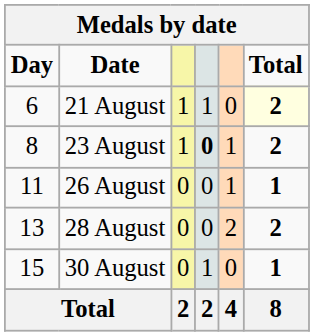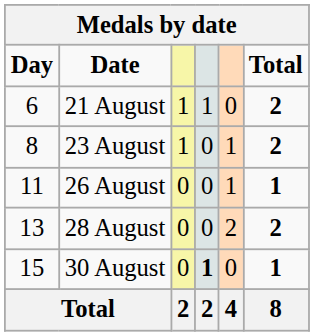 <table class="wikitable" style="font-size:85%; text-align:center;">
 <tr style="background:#efefef;">
 <th colspan=6><strong>Medals by date</strong></th>
 </tr>
 <tr>
 <td><strong>Day</strong></td>
 <td><strong>Date</strong></td>
 <td style="background:#F7F6A8;"></td>
 <td style="background:#DCE5E5;"></td>
 <td style="background:#FFDAB9;"></td>
 <td><strong>Total</strong></td>
 </tr>
 <tr>
 <td>6</td>
 <td>21 August</td>
 <td style="background:#F7F6A8;">1</td>
 <td style="background:#DCE5E5;">1</td>
 <td style="background:#FFDAB9;">0</td>
-<td style="background: lightyellow;"><strong>2</strong></td>
+<td><strong>2</strong></td>
 </tr>
 <tr>
 <td>8</td>
 <td>23 August</td>
 <td style="background:#F7F6A8;">1</td>
-<td style="background:#DCE5E5;"><strong>0</strong></td>
+<td style="background:#DCE5E5;">0</td>
 <td style="background:#FFDAB9;">1</td>
 <td><strong>2</strong></td>
 </tr>
 <tr>
 <td>11</td>
 <td>26 August</td>
 <td style="background:#F7F6A8;">0</td>
 <td style="background:#DCE5E5;">0</td>
 <td style="background:#FFDAB9;">1</td>
 <td><strong>1</strong></td>
 </tr>
 <tr>
 <td>13</td>
 <td>28 August</td>
 <td style="background:#F7F6A8;">0</td>
 <td style="background:#DCE5E5;">0</td>
 <td style="background:#FFDAB9;">2</td>
 <td><strong>2</strong></td>
 </tr>
 <tr>
 <td>15</td>
 <td>30 August</td>
 <td style="background:#F7F6A8;">0</td>
-<td style="background:#DCE5E5;">1</td>
+<td style="background:#DCE5E5;"><strong>1</strong></td>
 <td style="background:#FFDAB9;">0</td>
 <td><strong>1</strong></td>
 </tr>
 <tr>
 <th colspan="2">Total</th>
 <th>2</th>
 <th>2</th>
 <th>4</th>
 <th>8</th>
 </tr>
 </table>
